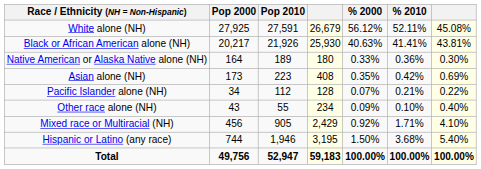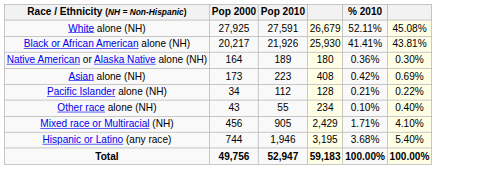 <table class="wikitable" style="text-align:center;">
 <tr>
 <th>Race / Ethnicity <small>(<em>NH = Non-Hispanic</em>)</small></th>
 <th>Pop 2000</th>
 <th>Pop 2010</th>
 <th></th>
-<th>% 2000</th>
 <th>% 2010</th>
 <th></th>
 </tr>
 <tr>
 <td><a href='#'>White</a> alone (NH)</td>
 <td>27,925</td>
 <td>27,591</td>
 <td style='background: #ffffe6;'>26,679</td>
-<td>56.12%</td>
 <td>52.11%</td>
 <td style='background: #ffffe6;'>45.08%</td>
 </tr>
 <tr>
 <td><a href='#'>Black or African American</a> alone (NH)</td>
 <td>20,217</td>
 <td>21,926</td>
 <td style='background: #ffffe6;'>25,930</td>
-<td>40.63%</td>
 <td>41.41%</td>
 <td style='background: #ffffe6;'>43.81%</td>
 </tr>
 <tr>
 <td><a href='#'>Native American</a> or <a href='#'>Alaska Native</a> alone (NH)</td>
 <td>164</td>
 <td>189</td>
 <td style='background: #ffffe6;'>180</td>
-<td>0.33%</td>
 <td>0.36%</td>
 <td style='background: #ffffe6;'>0.30%</td>
 </tr>
 <tr>
 <td><a href='#'>Asian</a> alone (NH)</td>
 <td>173</td>
 <td>223</td>
 <td style='background: #ffffe6;'>408</td>
-<td>0.35%</td>
 <td>0.42%</td>
 <td style='background: #ffffe6;'>0.69%</td>
 </tr>
 <tr>
 <td><a href='#'>Pacific Islander</a> alone (NH)</td>
 <td>34</td>
 <td>112</td>
 <td style='background: #ffffe6;'>128</td>
-<td>0.07%</td>
 <td>0.21%</td>
 <td style='background: #ffffe6;'>0.22%</td>
 </tr>
 <tr>
 <td><a href='#'>Other race</a> alone (NH)</td>
 <td>43</td>
 <td>55</td>
 <td style='background: #ffffe6;'>234</td>
-<td>0.09%</td>
 <td>0.10%</td>
 <td style='background: #ffffe6;'>0.40%</td>
 </tr>
 <tr>
 <td><a href='#'>Mixed race or Multiracial</a> (NH)</td>
 <td>456</td>
 <td>905</td>
 <td style='background: #ffffe6;'>2,429</td>
-<td>0.92%</td>
 <td>1.71%</td>
 <td style='background: #ffffe6;'>4.10%</td>
 </tr>
 <tr>
 <td><a href='#'>Hispanic or Latino</a> (any race)</td>
 <td>744</td>
 <td>1,946</td>
 <td style='background: #ffffe6;'>3,195</td>
-<td>1.50%</td>
 <td>3.68%</td>
 <td style='background: #ffffe6;'>5.40%</td>
 </tr>
 <tr>
 <td><strong>Total</strong></td>
 <td><strong>49,756</strong></td>
 <td><strong>52,947</strong></td>
 <td style='background: #ffffe6;'><strong>59,183</strong></td>
 <td><strong>100.00%</strong></td>
-<td><strong>100.00%</strong></td>
 <td style='background: #ffffe6;'><strong>100.00%</strong></td>
 </tr>
 </table>
